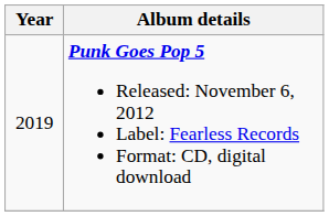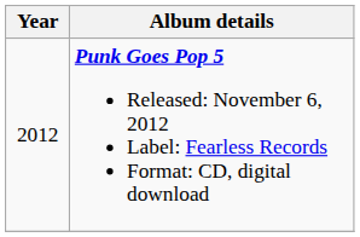 <table class="wikitable" style="text-align:center;">
 <tr>
 <th width="42">Year</th>
 <th width="210">Album details</th>
 </tr>
 <tr>
-<td>2019</td>
+<td>2012</td>
 <td align="left"><strong><em><a href='#'>Punk Goes Pop 5</a></em></strong><br><ul><li>Released: November 6, 2012</li><li>Label: <a href='#'>Fearless Records</a></li><li>Format: CD, digital download</li></ul></td>
 </tr>
 <tr>
 </tr>
 </table>
